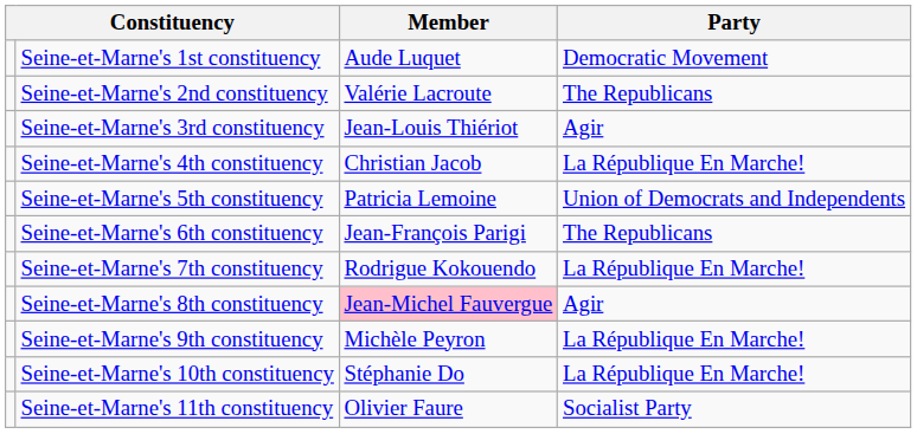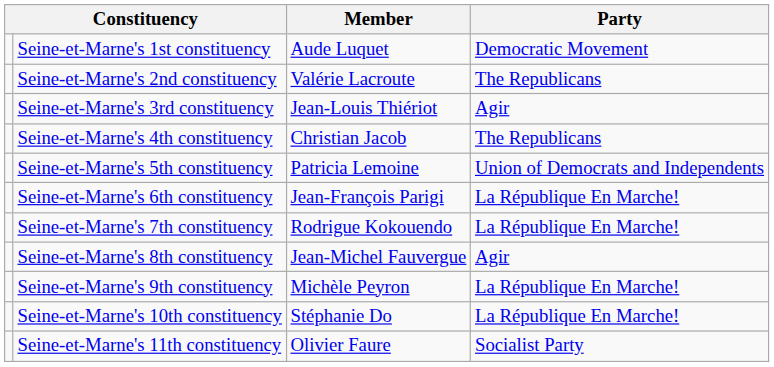 <table class="wikitable">
 <tr>
 <th colspan="2">Constituency</th>
 <th>Member</th>
 <th>Party</th>
 </tr>
 <tr>
 <td style="background-color: "></td>
 <td><a href='#'>Seine-et-Marne's 1st constituency</a></td>
 <td><a href='#'>Aude Luquet</a></td>
 <td><a href='#'>Democratic Movement</a></td>
 </tr>
 <tr>
 <td style="background-color: "></td>
 <td><a href='#'>Seine-et-Marne's 2nd constituency</a></td>
 <td><a href='#'>Valérie Lacroute</a></td>
 <td><a href='#'>The Republicans</a></td>
 </tr>
 <tr>
 <td style="background-color: "></td>
 <td><a href='#'>Seine-et-Marne's 3rd constituency</a></td>
 <td><a href='#'>Jean-Louis Thiériot</a></td>
 <td><a href='#'>Agir</a></td>
 </tr>
 <tr>
 <td style="background-color: "></td>
 <td><a href='#'>Seine-et-Marne's 4th constituency</a></td>
 <td><a href='#'>Christian Jacob</a></td>
-<td><a href='#'>La République En Marche!</a></td>
+<td><a href='#'>The Republicans</a></td>
 </tr>
 <tr>
 <td style="background-color: "></td>
 <td><a href='#'>Seine-et-Marne's 5th constituency</a></td>
 <td><a href='#'>Patricia Lemoine</a></td>
 <td><a href='#'>Union of Democrats and Independents</a></td>
 </tr>
 <tr>
 <td style="background-color: "></td>
 <td><a href='#'>Seine-et-Marne's 6th constituency</a></td>
 <td><a href='#'>Jean-François Parigi</a></td>
-<td><a href='#'>The Republicans</a></td>
+<td><a href='#'>La République En Marche!</a></td>
 </tr>
 <tr>
 <td style="background-color: "></td>
 <td><a href='#'>Seine-et-Marne's 7th constituency</a></td>
 <td><a href='#'>Rodrigue Kokouendo</a></td>
 <td><a href='#'>La République En Marche!</a></td>
 </tr>
 <tr>
 <td style="background-color: "></td>
 <td><a href='#'>Seine-et-Marne's 8th constituency</a></td>
-<td style="background: pink;"><a href='#'>Jean-Michel Fauvergue</a></td>
+<td><a href='#'>Jean-Michel Fauvergue</a></td>
 <td><a href='#'>Agir</a></td>
 </tr>
 <tr>
 <td style="background-color: "></td>
 <td><a href='#'>Seine-et-Marne's 9th constituency</a></td>
 <td><a href='#'>Michèle Peyron</a></td>
 <td><a href='#'>La République En Marche!</a></td>
 </tr>
 <tr>
 <td style="background-color: "></td>
 <td><a href='#'>Seine-et-Marne's 10th constituency</a></td>
 <td><a href='#'>Stéphanie Do</a></td>
 <td><a href='#'>La République En Marche!</a></td>
 </tr>
 <tr>
 <td style="background-color: "></td>
 <td><a href='#'>Seine-et-Marne's 11th constituency</a></td>
 <td><a href='#'>Olivier Faure</a></td>
 <td><a href='#'>Socialist Party</a></td>
 </tr>
 </table>
